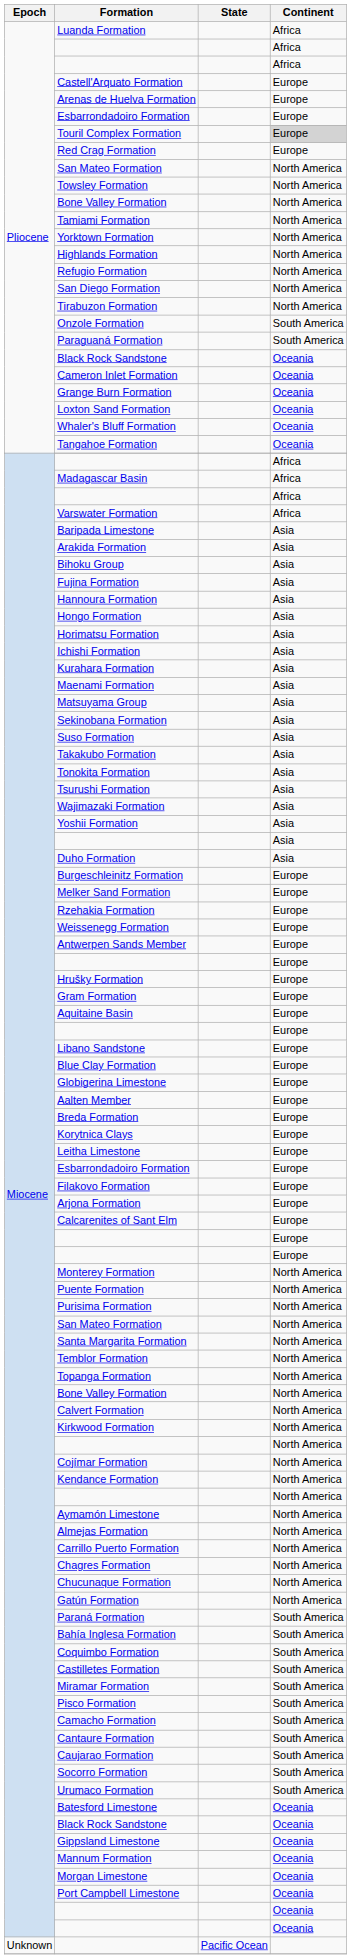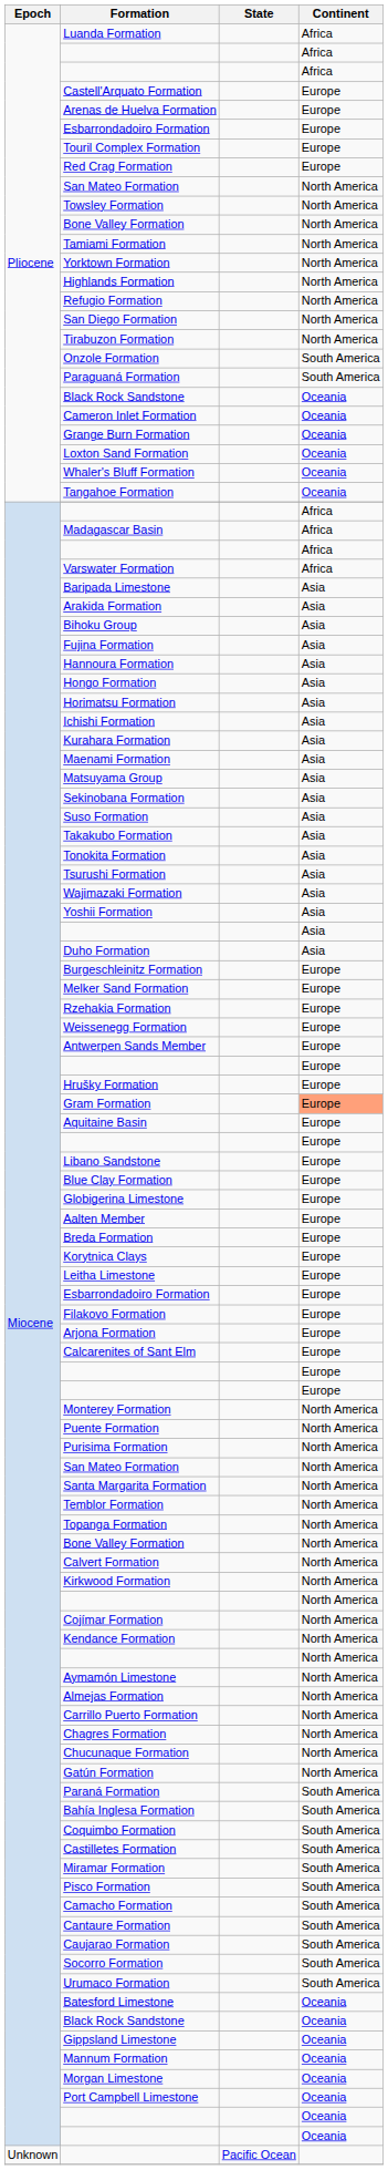 <table class="wikitable sortable mw-collapsible mw-collapsed">
 <tr>
 <th scope="col">Epoch</th>
 <th scope="col">Formation</th>
 <th scope="col">State</th>
 <th scope="col">Continent</th>
 </tr>
 <tr>
 <td rowspan=25 style="background-color: "><a href='#'>Pliocene</a></td>
 <td><a href='#'>Luanda Formation</a></td>
 <td></td>
 <td>Africa</td>
 </tr>
 <tr>
 <td></td>
 <td></td>
 <td>Africa</td>
 </tr>
 <tr>
 <td></td>
 <td></td>
 <td>Africa</td>
 </tr>
 <tr>
 <td><a href='#'>Castell'Arquato Formation</a></td>
 <td></td>
 <td>Europe</td>
 </tr>
 <tr>
 <td><a href='#'>Arenas de Huelva Formation</a></td>
 <td></td>
 <td>Europe</td>
 </tr>
 <tr>
 <td><a href='#'>Esbarrondadoiro Formation</a></td>
 <td></td>
 <td>Europe</td>
 </tr>
 <tr>
 <td><a href='#'>Touril Complex Formation</a></td>
 <td></td>
-<td style="background: lightgrey;">Europe</td>
+<td>Europe</td>
 </tr>
 <tr>
 <td><a href='#'>Red Crag Formation</a></td>
 <td></td>
 <td>Europe</td>
 </tr>
 <tr>
 <td><a href='#'>San Mateo Formation</a></td>
 <td></td>
 <td>North America</td>
 </tr>
 <tr>
 <td><a href='#'>Towsley Formation</a></td>
 <td></td>
 <td>North America</td>
 </tr>
 <tr>
 <td><a href='#'>Bone Valley Formation</a></td>
 <td></td>
 <td>North America</td>
 </tr>
 <tr>
 <td><a href='#'>Tamiami Formation</a></td>
 <td></td>
 <td>North America</td>
 </tr>
 <tr>
 <td><a href='#'>Yorktown Formation</a></td>
 <td></td>
 <td>North America</td>
 </tr>
 <tr>
 <td><a href='#'>Highlands Formation</a></td>
 <td></td>
 <td>North America</td>
 </tr>
 <tr>
 <td><a href='#'>Refugio Formation</a></td>
 <td></td>
 <td>North America</td>
 </tr>
 <tr>
 <td><a href='#'>San Diego Formation</a></td>
 <td></td>
 <td>North America</td>
 </tr>
 <tr>
 <td><a href='#'>Tirabuzon Formation</a></td>
 <td></td>
 <td>North America</td>
 </tr>
 <tr>
 <td><a href='#'>Onzole Formation</a></td>
 <td></td>
 <td>South America</td>
 </tr>
 <tr>
 <td><a href='#'>Paraguaná Formation</a></td>
 <td></td>
 <td>South America</td>
 </tr>
 <tr>
 <td><a href='#'>Black Rock Sandstone</a></td>
 <td></td>
 <td><a href='#'>Oceania</a></td>
 </tr>
 <tr>
 <td><a href='#'>Cameron Inlet Formation</a></td>
 <td></td>
 <td><a href='#'>Oceania</a></td>
 </tr>
 <tr>
 <td><a href='#'>Grange Burn Formation</a></td>
 <td></td>
 <td><a href='#'>Oceania</a></td>
 </tr>
 <tr>
 <td><a href='#'>Loxton Sand Formation</a></td>
 <td></td>
 <td><a href='#'>Oceania</a></td>
 </tr>
 <tr>
 <td><a href='#'>Whaler's Bluff Formation</a></td>
 <td></td>
 <td><a href='#'>Oceania</a></td>
 </tr>
 <tr>
 <td><a href='#'>Tangahoe Formation</a></td>
 <td></td>
 <td><a href='#'>Oceania</a></td>
 </tr>
 <tr>
 <td rowspan="87" style="background-color: #CEE0F2;"><a href='#'>Miocene</a></td>
 </tr>
 <tr>
 <td></td>
 <td></td>
 <td>Africa</td>
 </tr>
 <tr>
 <td><a href='#'>Madagascar Basin</a></td>
 <td></td>
 <td>Africa</td>
 </tr>
 <tr>
 <td></td>
 <td></td>
 <td>Africa</td>
 </tr>
 <tr>
 <td><a href='#'>Varswater Formation</a></td>
 <td></td>
 <td>Africa</td>
 </tr>
 <tr>
 <td><a href='#'>Baripada Limestone</a></td>
 <td></td>
 <td>Asia</td>
 </tr>
 <tr>
 <td><a href='#'>Arakida Formation</a></td>
 <td></td>
 <td>Asia</td>
 </tr>
 <tr>
 <td><a href='#'>Bihoku Group</a></td>
 <td></td>
 <td>Asia</td>
 </tr>
 <tr>
 <td><a href='#'>Fujina Formation</a></td>
 <td></td>
 <td>Asia</td>
 </tr>
 <tr>
 <td><a href='#'>Hannoura Formation</a></td>
 <td></td>
 <td>Asia</td>
 </tr>
 <tr>
 <td><a href='#'>Hongo Formation</a></td>
 <td></td>
 <td>Asia</td>
 </tr>
 <tr>
 <td><a href='#'>Horimatsu Formation</a></td>
 <td></td>
 <td>Asia</td>
 </tr>
 <tr>
 <td><a href='#'>Ichishi Formation</a></td>
 <td></td>
 <td>Asia</td>
 </tr>
 <tr>
 <td><a href='#'>Kurahara Formation</a></td>
 <td></td>
 <td>Asia</td>
 </tr>
 <tr>
 <td><a href='#'>Maenami Formation</a></td>
 <td></td>
 <td>Asia</td>
 </tr>
 <tr>
 <td><a href='#'>Matsuyama Group</a></td>
 <td></td>
 <td>Asia</td>
 </tr>
 <tr>
 <td><a href='#'>Sekinobana Formation</a></td>
 <td></td>
 <td>Asia</td>
 </tr>
 <tr>
 <td><a href='#'>Suso Formation</a></td>
 <td></td>
 <td>Asia</td>
 </tr>
 <tr>
 <td><a href='#'>Takakubo Formation</a></td>
 <td></td>
 <td>Asia</td>
 </tr>
 <tr>
 <td><a href='#'>Tonokita Formation</a></td>
 <td></td>
 <td>Asia</td>
 </tr>
 <tr>
 <td><a href='#'>Tsurushi Formation</a></td>
 <td></td>
 <td>Asia</td>
 </tr>
 <tr>
 <td><a href='#'>Wajimazaki Formation</a></td>
 <td></td>
 <td>Asia</td>
 </tr>
 <tr>
 <td><a href='#'>Yoshii Formation</a></td>
 <td></td>
 <td>Asia</td>
 </tr>
 <tr>
 <td></td>
 <td></td>
 <td>Asia</td>
 </tr>
 <tr>
 <td><a href='#'>Duho Formation</a></td>
 <td></td>
 <td>Asia</td>
 </tr>
 <tr>
 <td><a href='#'>Burgeschleinitz Formation</a></td>
 <td></td>
 <td>Europe</td>
 </tr>
 <tr>
 <td><a href='#'>Melker Sand Formation</a></td>
 <td></td>
 <td>Europe</td>
 </tr>
 <tr>
 <td><a href='#'>Rzehakia Formation</a></td>
 <td></td>
 <td>Europe</td>
 </tr>
 <tr>
 <td><a href='#'>Weissenegg Formation</a></td>
 <td></td>
 <td>Europe</td>
 </tr>
 <tr>
 <td><a href='#'>Antwerpen Sands Member</a></td>
 <td></td>
 <td>Europe</td>
 </tr>
 <tr>
 <td></td>
 <td></td>
 <td>Europe</td>
 </tr>
 <tr>
 <td><a href='#'>Hrušky Formation</a></td>
 <td></td>
 <td>Europe</td>
 </tr>
 <tr>
 <td><a href='#'>Gram Formation</a></td>
 <td></td>
-<td>Europe</td>
+<td style="background: lightsalmon;">Europe</td>
 </tr>
 <tr>
 <td><a href='#'>Aquitaine Basin</a></td>
 <td></td>
 <td>Europe</td>
 </tr>
 <tr>
 <td></td>
 <td></td>
 <td>Europe</td>
 </tr>
 <tr>
 <td><a href='#'>Libano Sandstone</a></td>
 <td></td>
 <td>Europe</td>
 </tr>
 <tr>
 <td><a href='#'>Blue Clay Formation</a></td>
 <td></td>
 <td>Europe</td>
 </tr>
 <tr>
 <td><a href='#'>Globigerina Limestone</a></td>
 <td></td>
 <td>Europe</td>
 </tr>
 <tr>
 <td><a href='#'>Aalten Member</a></td>
 <td></td>
 <td>Europe</td>
 </tr>
 <tr>
 <td><a href='#'>Breda Formation</a></td>
 <td></td>
 <td>Europe</td>
 </tr>
 <tr>
 <td><a href='#'>Korytnica Clays</a></td>
 <td></td>
 <td>Europe</td>
 </tr>
 <tr>
 <td><a href='#'>Leitha Limestone</a></td>
 <td></td>
 <td>Europe</td>
 </tr>
 <tr>
 <td><a href='#'>Esbarrondadoiro Formation</a></td>
 <td></td>
 <td>Europe</td>
 </tr>
 <tr>
 <td><a href='#'>Filakovo Formation</a></td>
 <td></td>
 <td>Europe</td>
 </tr>
 <tr>
 <td><a href='#'>Arjona Formation</a></td>
 <td></td>
 <td>Europe</td>
 </tr>
 <tr>
 <td><a href='#'>Calcarenites of Sant Elm</a></td>
 <td></td>
 <td>Europe</td>
 </tr>
 <tr>
 <td></td>
 <td></td>
 <td>Europe</td>
 </tr>
 <tr>
 <td></td>
 <td></td>
 <td>Europe</td>
 </tr>
 <tr>
 <td><a href='#'>Monterey Formation</a></td>
 <td></td>
 <td>North America</td>
 </tr>
 <tr>
 <td><a href='#'>Puente Formation</a></td>
 <td></td>
 <td>North America</td>
 </tr>
 <tr>
 <td><a href='#'>Purisima Formation</a></td>
 <td></td>
 <td>North America</td>
 </tr>
 <tr>
 <td><a href='#'>San Mateo Formation</a></td>
 <td></td>
 <td>North America</td>
 </tr>
 <tr>
 <td><a href='#'>Santa Margarita Formation</a></td>
 <td></td>
 <td>North America</td>
 </tr>
 <tr>
 <td><a href='#'>Temblor Formation</a></td>
 <td></td>
 <td>North America</td>
 </tr>
 <tr>
 <td><a href='#'>Topanga Formation</a></td>
 <td></td>
 <td>North America</td>
 </tr>
 <tr>
 <td><a href='#'>Bone Valley Formation</a></td>
 <td></td>
 <td>North America</td>
 </tr>
 <tr>
 <td><a href='#'>Calvert Formation</a></td>
 <td></td>
 <td>North America</td>
 </tr>
 <tr>
 <td><a href='#'>Kirkwood Formation</a></td>
 <td></td>
 <td>North America</td>
 </tr>
 <tr>
 <td></td>
 <td></td>
 <td>North America</td>
 </tr>
 <tr>
 <td><a href='#'>Cojímar Formation</a></td>
 <td></td>
 <td>North America</td>
 </tr>
 <tr>
 <td><a href='#'>Kendance Formation</a></td>
 <td></td>
 <td>North America</td>
 </tr>
 <tr>
 <td></td>
 <td></td>
 <td>North America</td>
 </tr>
 <tr>
 <td><a href='#'>Aymamón Limestone</a></td>
 <td></td>
 <td>North America</td>
 </tr>
 <tr>
 <td><a href='#'>Almejas Formation</a></td>
 <td></td>
 <td>North America</td>
 </tr>
 <tr>
 <td><a href='#'>Carrillo Puerto Formation</a></td>
 <td></td>
 <td>North America</td>
 </tr>
 <tr>
 <td><a href='#'>Chagres Formation</a></td>
 <td></td>
 <td>North America</td>
 </tr>
 <tr>
 <td><a href='#'>Chucunaque Formation</a></td>
 <td></td>
 <td>North America</td>
 </tr>
 <tr>
 <td><a href='#'>Gatún Formation</a></td>
 <td></td>
 <td>North America</td>
 </tr>
 <tr>
 <td><a href='#'>Paraná Formation</a></td>
 <td></td>
 <td>South America</td>
 </tr>
 <tr>
 <td><a href='#'>Bahía Inglesa Formation</a></td>
 <td></td>
 <td>South America</td>
 </tr>
 <tr>
 <td><a href='#'>Coquimbo Formation</a></td>
 <td></td>
 <td>South America</td>
 </tr>
 <tr>
 <td><a href='#'>Castilletes Formation</a></td>
 <td></td>
 <td>South America</td>
 </tr>
 <tr>
 <td><a href='#'>Miramar Formation</a></td>
 <td></td>
 <td>South America</td>
 </tr>
 <tr>
 <td><a href='#'>Pisco Formation</a></td>
 <td></td>
 <td>South America</td>
 </tr>
 <tr>
 <td><a href='#'>Camacho Formation</a></td>
 <td></td>
 <td>South America</td>
 </tr>
 <tr>
 <td><a href='#'>Cantaure Formation</a></td>
 <td></td>
 <td>South America</td>
 </tr>
 <tr>
 <td><a href='#'>Caujarao Formation</a></td>
 <td></td>
 <td>South America</td>
 </tr>
 <tr>
 <td><a href='#'>Socorro Formation</a></td>
 <td></td>
 <td>South America</td>
 </tr>
 <tr>
 <td><a href='#'>Urumaco Formation</a></td>
 <td></td>
 <td>South America</td>
 </tr>
 <tr>
 <td><a href='#'>Batesford Limestone</a></td>
 <td></td>
 <td><a href='#'>Oceania</a></td>
 </tr>
 <tr>
 <td><a href='#'>Black Rock Sandstone</a></td>
 <td></td>
 <td><a href='#'>Oceania</a></td>
 </tr>
 <tr>
 <td><a href='#'>Gippsland Limestone</a></td>
 <td></td>
 <td><a href='#'>Oceania</a></td>
 </tr>
 <tr>
 <td><a href='#'>Mannum Formation</a></td>
 <td></td>
 <td><a href='#'>Oceania</a></td>
 </tr>
 <tr>
 <td><a href='#'>Morgan Limestone</a></td>
 <td></td>
 <td><a href='#'>Oceania</a></td>
 </tr>
 <tr>
 <td><a href='#'>Port Campbell Limestone</a></td>
 <td></td>
 <td><a href='#'>Oceania</a></td>
 </tr>
 <tr>
 <td></td>
 <td></td>
 <td><a href='#'>Oceania</a></td>
 </tr>
 <tr>
 <td></td>
 <td></td>
 <td><a href='#'>Oceania</a></td>
 </tr>
 <tr>
 <td>Unknown</td>
 <td></td>
 <td><a href='#'>Pacific Ocean</a></td>
 <td></td>
 </tr>
 <tr>
 </tr>
 </table>
